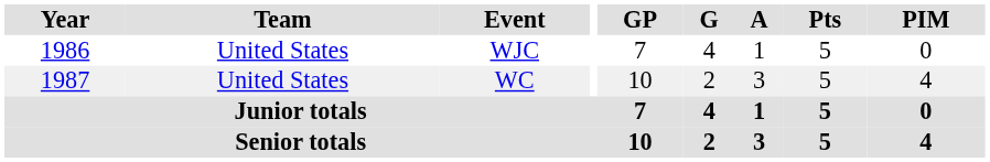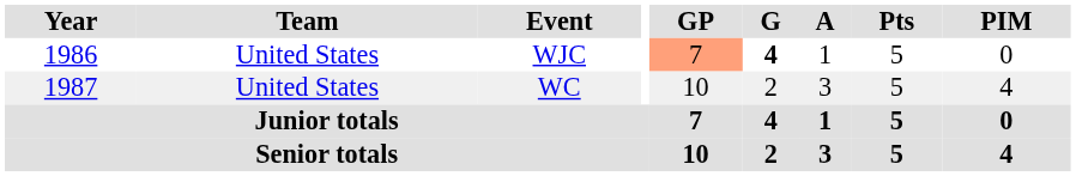 <table border="0" cellpadding="1" cellspacing="0" ID="Table3" style="text-align:center; width:40em">
 <tr bgcolor="#e0e0e0">
 <th>Year</th>
 <th>Team</th>
 <th>Event</th>
 <th rowspan="102" bgcolor="#ffffff"></th>
 <th>GP</th>
 <th>G</th>
 <th>A</th>
 <th>Pts</th>
 <th>PIM</th>
 </tr>
 <tr>
 <td><a href='#'>1986</a></td>
 <td><a href='#'>United States</a></td>
 <td><a href='#'>WJC</a></td>
-<td>7</td>
-<td>4</td>
+<td style="background: lightsalmon;">7</td>
+<td><strong>4</strong></td>
 <td>1</td>
 <td>5</td>
 <td>0</td>
 </tr>
 <tr bgcolor="#f0f0f0">
 <td><a href='#'>1987</a></td>
 <td><a href='#'>United States</a></td>
 <td><a href='#'>WC</a></td>
 <td>10</td>
 <td>2</td>
 <td>3</td>
 <td>5</td>
 <td>4</td>
 </tr>
 <tr bgcolor="#e0e0e0">
 <th colspan="4">Junior totals</th>
 <th>7</th>
 <th>4</th>
 <th>1</th>
 <th>5</th>
 <th>0</th>
 </tr>
 <tr bgcolor="#e0e0e0">
 <th colspan="4">Senior totals</th>
 <th>10</th>
 <th>2</th>
 <th>3</th>
 <th>5</th>
 <th>4</th>
 </tr>
 </table>
